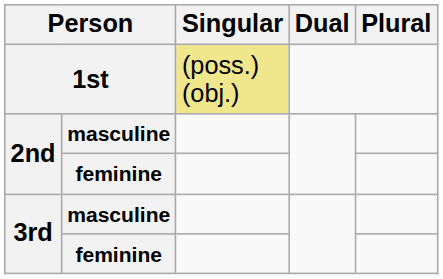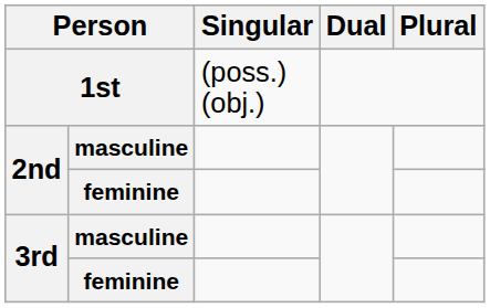 <table class="wikitable">
 <tr>
 <th colspan="2">Person</th>
 <th>Singular</th>
 <th>Dual</th>
 <th>Plural</th>
 </tr>
 <tr>
 <th colspan="2">1st</th>
-<td style="background: khaki;"> (poss.) <em></em> <br>  (obj.) <em></em></td>
+<td> (poss.) <em></em> <br>  (obj.) <em></em></td>
 <td colspan="2" style="text-align: center;"><br><em></em></td>
 </tr>
 <tr>
 <th rowspan="2">2nd</th>
 <th><small>masculine</small></th>
 <td><br><em></em></td>
 <td rowspan="2"><br><em></em></td>
 <td><br><em></em></td>
 </tr>
 <tr>
 <th><small>feminine</small></th>
 <td><br><em></em></td>
 <td><br><em></em></td>
 </tr>
 <tr>
 <th rowspan="2">3rd</th>
 <th><small>masculine</small></th>
 <td><br><em></em></td>
 <td rowspan="2"><br><em></em></td>
 <td><br><em></em></td>
 </tr>
 <tr>
 <th><small>feminine</small></th>
 <td><em> </em><em> </em></td>
 <td><br><em></em></td>
 </tr>
 </table>
